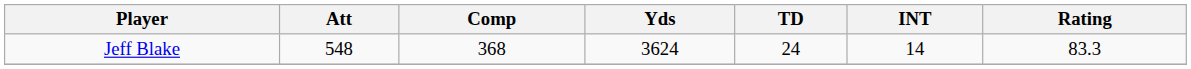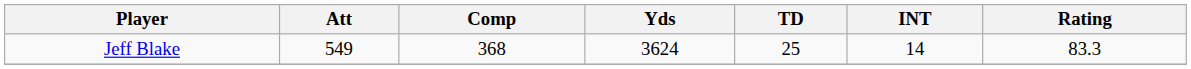 <table class="wikitable" style="text-align:center;" width="80%">
 <tr>
 <th>Player</th>
 <th>Att</th>
 <th>Comp</th>
 <th>Yds</th>
 <th>TD</th>
 <th>INT</th>
 <th>Rating</th>
 </tr>
 <tr>
 <td><a href='#'>Jeff Blake</a></td>
-<td>548</td>
+<td>549</td>
 <td>368</td>
 <td>3624</td>
-<td>24</td>
+<td>25</td>
 <td>14</td>
 <td>83.3</td>
 </tr>
 <tr>
 </tr>
 </table>
